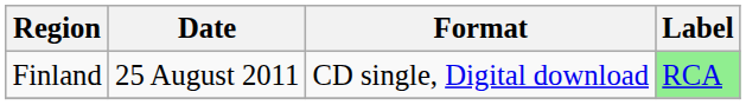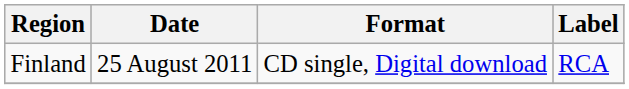 <table class=wikitable>
 <tr>
 <th>Region</th>
 <th>Date</th>
 <th>Format</th>
 <th>Label</th>
 </tr>
 <tr>
 <td>Finland</td>
 <td>25 August 2011</td>
 <td>CD single, <a href='#'>Digital download</a></td>
-<td style="background: lightgreen;"><a href='#'>RCA</a></td>
+<td><a href='#'>RCA</a></td>
 </tr>
 <tr>
 </tr>
 </table>
